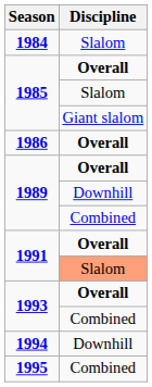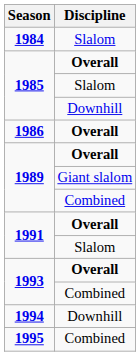 <table class="wikitable">
 <tr>
 <th>Season</th>
 <th>Discipline</th>
 </tr>
 <tr>
 <td align=center><strong><a href='#'>1984</a></strong></td>
 <td align=center><a href='#'>Slalom</a></td>
 </tr>
 <tr>
 <td rowspan=3 align=center><strong><a href='#'>1985</a></strong></td>
 <td align=center><strong>Overall</strong></td>
 </tr>
 <tr>
 <td align=center>Slalom</td>
 </tr>
 <tr>
-<td align=center><a href='#'>Giant slalom</a></td>
+<td align=center><a href='#'>Downhill</a></td>
 </tr>
 <tr>
 <td align=center><strong><a href='#'>1986</a></strong></td>
 <td align=center><strong>Overall</strong></td>
 </tr>
 <tr>
 <td rowspan=3 align=center><strong><a href='#'>1989</a></strong></td>
 <td align=center><strong>Overall</strong></td>
 </tr>
 <tr>
-<td align=center><a href='#'>Downhill</a></td>
+<td align=center><a href='#'>Giant slalom</a></td>
 </tr>
 <tr>
 <td align=center><a href='#'>Combined</a></td>
 </tr>
 <tr>
 <td rowspan=2 align=center><strong><a href='#'>1991</a></strong></td>
 <td align=center><strong>Overall</strong></td>
 </tr>
 <tr>
-<td align=center style="background: lightsalmon;">Slalom</td>
+<td align=center>Slalom</td>
 </tr>
 <tr>
 <td rowspan=2 align=center><strong><a href='#'>1993</a></strong></td>
 <td align=center><strong>Overall</strong></td>
 </tr>
 <tr>
 <td align=center>Combined</td>
 </tr>
 <tr>
 <td align=center><strong><a href='#'>1994</a></strong></td>
 <td align=center>Downhill</td>
 </tr>
 <tr>
 <td align=center><strong><a href='#'>1995</a></strong></td>
 <td align=center>Combined</td>
 </tr>
 </table>
